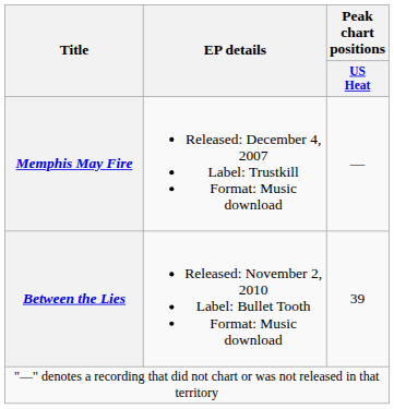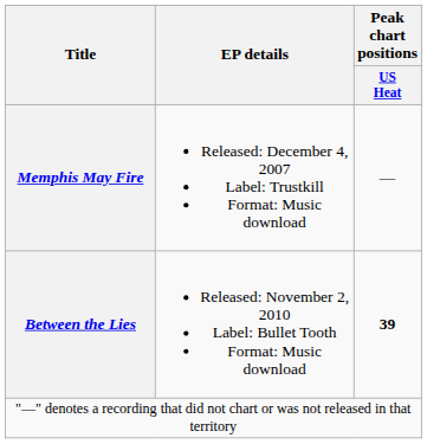 <table class="wikitable plainrowheaders" style="text-align:center;">
 <tr>
 <th scope="col" rowspan="2" style="width:9em;">Title</th>
 <th scope="col" rowspan="2" style="width:12em;">EP details</th>
 <th scope="col">Peak chart positions</th>
 </tr>
 <tr>
 <th scope="col" style="width:3em;font-size:85%;"><a href='#'>US<br>Heat</a><br></th>
 </tr>
 <tr>
 <th scope="row"><em><a href='#'>Memphis May Fire</a></em></th>
 <td><br><ul><li>Released: December 4, 2007</li><li>Label: Trustkill</li><li>Format: Music download</li></ul></td>
 <td>—</td>
 </tr>
 <tr>
 <th scope="row"><em><a href='#'>Between the Lies</a></em></th>
 <td><br><ul><li>Released: November 2, 2010</li><li>Label: Bullet Tooth</li><li>Format: Music download</li></ul></td>
-<td>39</td>
+<td><strong>39</strong></td>
 </tr>
 <tr>
 <td colspan="15" style="font-size:90%">"—" denotes a recording that did not chart or was not released in that territory</td>
 </tr>
 </table>
